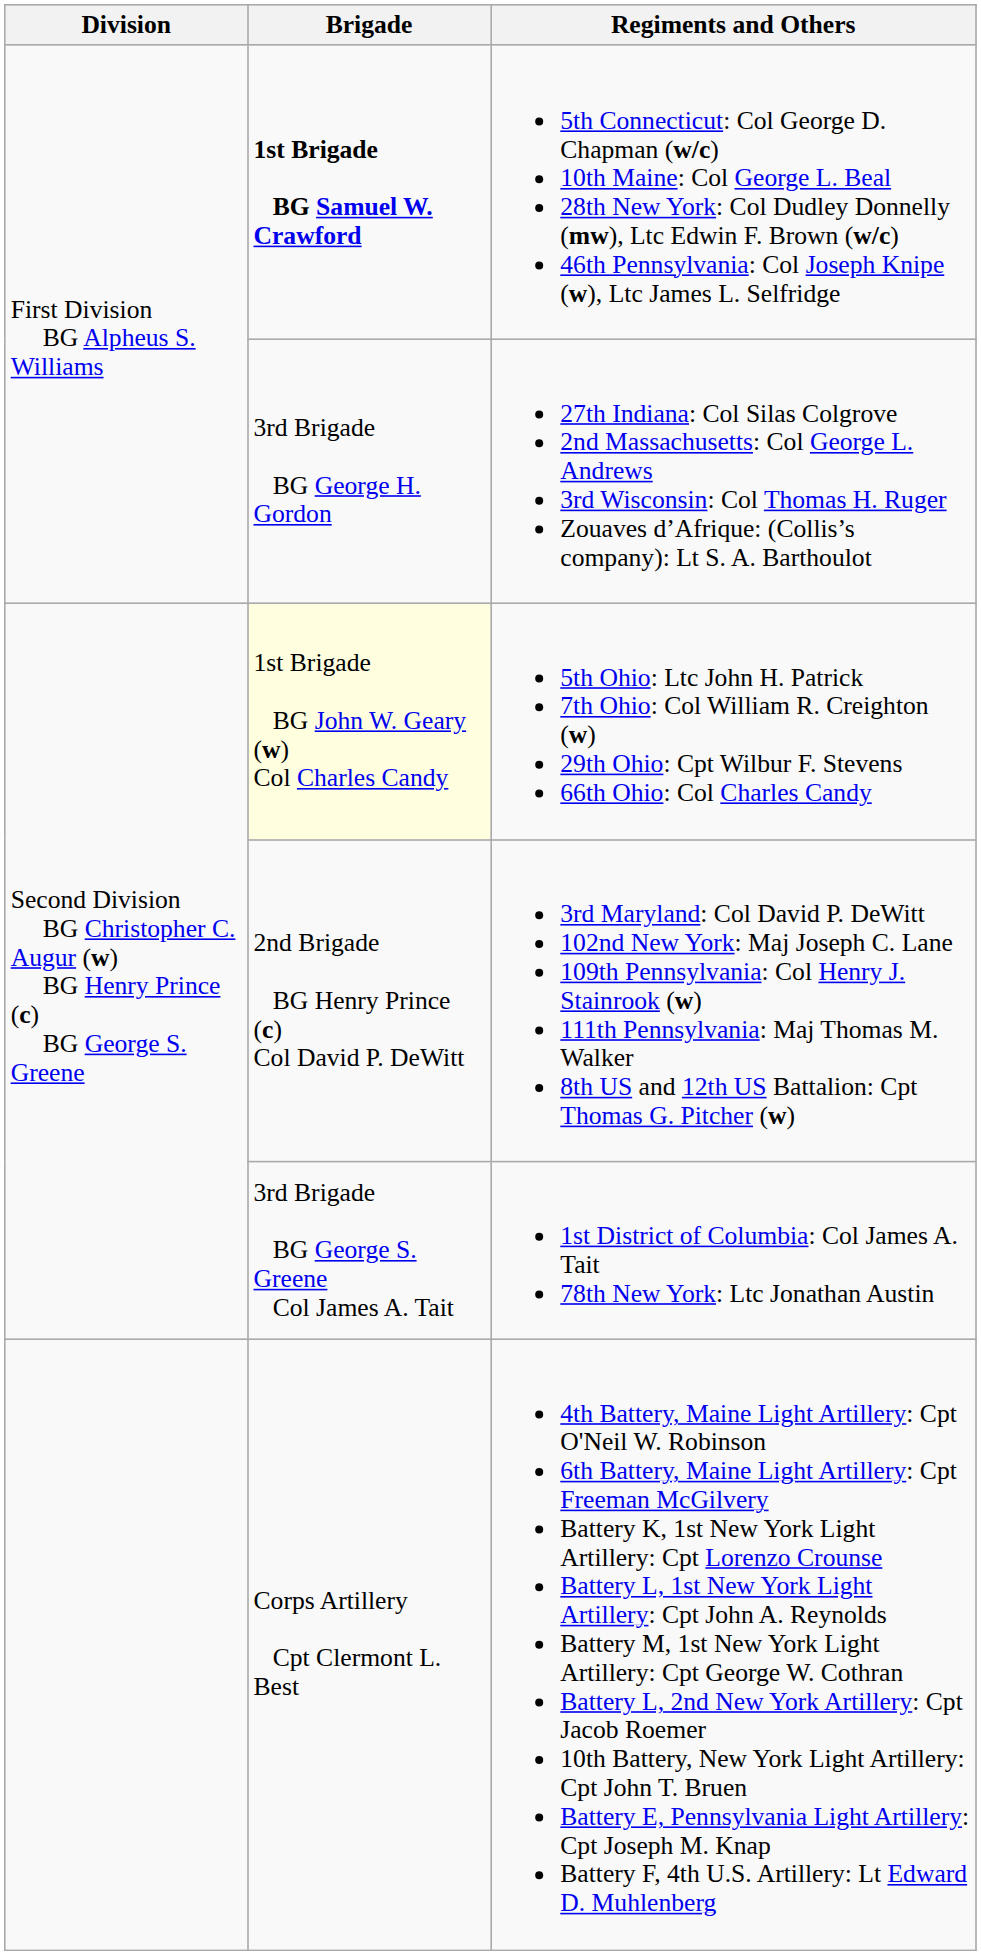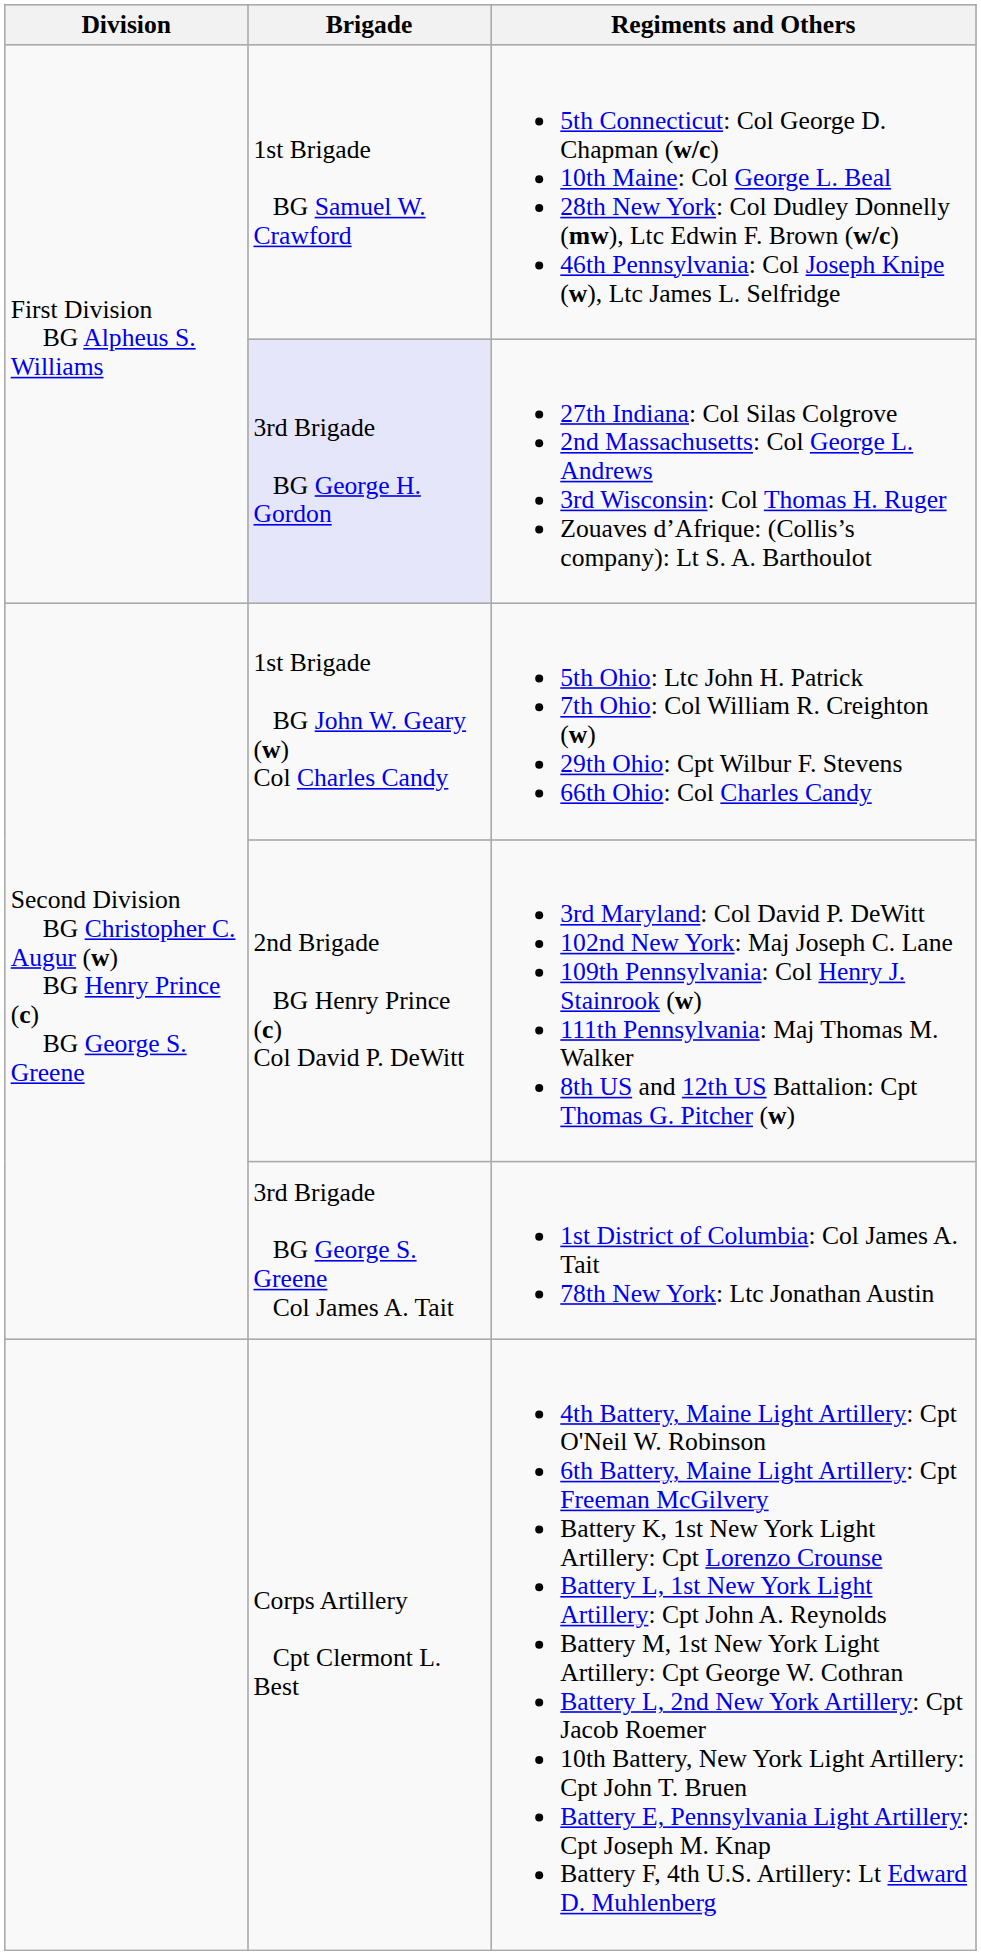 <table class="wikitable">
 <tr>
 <th width=25%>Division</th>
 <th width=25%>Brigade</th>
 <th>Regiments and Others</th>
 </tr>
 <tr>
 <td rowspan=2><br>First Division <br>     BG <a href='#'>Alpheus S. Williams</a></td>
-<td><strong>1st Brigade<br><br>   BG <a href='#'>Samuel W. Crawford</a></strong></td>
+<td>1st Brigade<br><br>   BG <a href='#'>Samuel W. Crawford</a></td>
 <td><br><ul><li><a href='#'>5th Connecticut</a>: Col George D. Chapman (<strong>w/c</strong>)</li><li><a href='#'>10th Maine</a>: Col <a href='#'>George L. Beal</a></li><li><a href='#'>28th New York</a>: Col Dudley Donnelly (<strong>mw</strong>), Ltc Edwin F. Brown (<strong>w/c</strong>)</li><li><a href='#'>46th Pennsylvania</a>: Col <a href='#'>Joseph Knipe</a> (<strong>w</strong>), Ltc James L. Selfridge</li></ul></td>
 </tr>
 <tr>
-<td>3rd Brigade<br><br>   BG <a href='#'>George H. Gordon</a></td>
+<td style="background: lavender;">3rd Brigade<br><br>   BG <a href='#'>George H. Gordon</a></td>
 <td><br><ul><li><a href='#'>27th Indiana</a>: Col Silas Colgrove</li><li><a href='#'>2nd Massachusetts</a>: Col <a href='#'>George L. Andrews</a></li><li><a href='#'>3rd Wisconsin</a>: Col <a href='#'>Thomas H. Ruger</a></li><li>Zouaves d’Afrique: (Collis’s company): Lt S. A. Barthoulot</li></ul></td>
 </tr>
 <tr>
 <td rowspan=3><br>Second Division <br>     BG <a href='#'>Christopher C. Augur</a> (<strong>w</strong>) <br>     BG <a href='#'>Henry Prince</a> (<strong>c</strong>) <br>     BG <a href='#'>George S. Greene</a></td>
-<td style="background: lightyellow;">1st Brigade<br><br>   BG <a href='#'>John W. Geary</a> (<strong>w</strong>) <br> Col <a href='#'>Charles Candy</a></td>
+<td>1st Brigade<br><br>   BG <a href='#'>John W. Geary</a> (<strong>w</strong>) <br> Col <a href='#'>Charles Candy</a></td>
 <td><br><ul><li><a href='#'>5th Ohio</a>: Ltc John H. Patrick</li><li><a href='#'>7th Ohio</a>: Col William R. Creighton (<strong>w</strong>)</li><li><a href='#'>29th Ohio</a>: Cpt Wilbur F. Stevens</li><li><a href='#'>66th Ohio</a>: Col <a href='#'>Charles Candy</a></li></ul></td>
 </tr>
 <tr>
 <td>2nd Brigade<br><br>   BG Henry Prince (<strong>c</strong>) <br> Col David P. DeWitt</td>
 <td><br><ul><li><a href='#'>3rd Maryland</a>: Col David P. DeWitt</li><li><a href='#'>102nd New York</a>: Maj Joseph C. Lane</li><li><a href='#'>109th Pennsylvania</a>: Col <a href='#'>Henry J. Stainrook</a> (<strong>w</strong>)</li><li><a href='#'>111th Pennsylvania</a>: Maj Thomas M. Walker</li><li><a href='#'>8th US</a> and <a href='#'>12th US</a> Battalion: Cpt <a href='#'>Thomas G. Pitcher</a> (<strong>w</strong>)</li></ul></td>
 </tr>
 <tr>
 <td>3rd Brigade<br><br>   BG <a href='#'>George S. Greene</a> <br>   Col James A. Tait</td>
 <td><br><ul><li><a href='#'>1st District of Columbia</a>: Col James A. Tait</li><li><a href='#'>78th New York</a>: Ltc Jonathan Austin</li></ul></td>
 </tr>
 <tr>
 <td></td>
 <td>Corps Artillery<br><br>   Cpt Clermont L. Best</td>
 <td><br><ul><li><a href='#'>4th Battery, Maine Light Artillery</a>: Cpt O'Neil W. Robinson</li><li><a href='#'>6th Battery, Maine Light Artillery</a>: Cpt <a href='#'>Freeman McGilvery</a></li><li>Battery K, 1st New York Light Artillery: Cpt <a href='#'>Lorenzo Crounse</a></li><li><a href='#'>Battery L, 1st New York Light Artillery</a>: Cpt John A. Reynolds</li><li>Battery M, 1st New York Light Artillery: Cpt George W. Cothran</li><li><a href='#'>Battery L, 2nd New York Artillery</a>: Cpt Jacob Roemer</li><li>10th Battery, New York Light Artillery: Cpt John T. Bruen</li><li><a href='#'>Battery E, Pennsylvania Light Artillery</a>: Cpt Joseph M. Knap</li><li>Battery F, 4th U.S. Artillery: Lt <a href='#'>Edward D. Muhlenberg</a></li></ul></td>
 </tr>
 </table>
